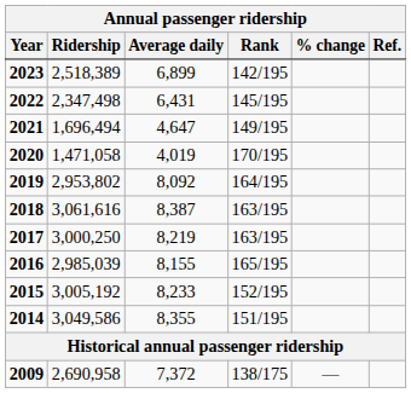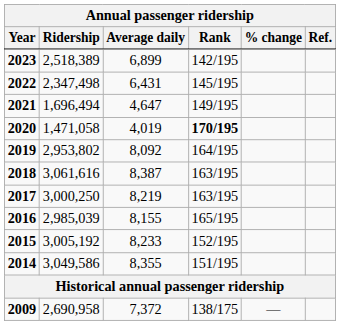 <table class="wikitable sortable" style="text-align:right;">
 <tr>
 <th colspan="6" style="background-color:#">Annual passenger ridership</th>
 </tr>
 <tr style="font-size:95%; text-align:center">
 <th style="border-bottom:1px solid black">Year</th>
 <th style="border-bottom:1px solid black">Ridership</th>
 <th style="border-bottom:1px solid black">Average daily</th>
 <th style="border-bottom:1px solid black">Rank</th>
 <th style="border-bottom:1px solid black">% change</th>
 <th style="border-bottom:1px solid black">Ref.</th>
 </tr>
 <tr style="text-align:center;">
 <td><strong>2023</strong></td>
 <td>2,518,389</td>
 <td>6,899</td>
 <td>142/195</td>
 <td></td>
 <td></td>
 </tr>
 <tr style="text-align:center;">
 <td><strong>2022</strong></td>
 <td>2,347,498</td>
 <td>6,431</td>
 <td>145/195</td>
 <td></td>
 <td></td>
 </tr>
 <tr style="text-align:center;">
 <td><strong>2021</strong></td>
 <td>1,696,494</td>
 <td>4,647</td>
 <td>149/195</td>
 <td></td>
 <td></td>
 </tr>
 <tr style="text-align:center;">
 <td><strong>2020</strong></td>
 <td>1,471,058</td>
 <td>4,019</td>
-<td>170/195</td>
+<td><strong>170/195</strong></td>
 <td></td>
 <td></td>
 </tr>
 <tr style="text-align:center;">
 <td><strong>2019</strong></td>
 <td>2,953,802</td>
 <td>8,092</td>
 <td>164/195</td>
 <td></td>
 <td></td>
 </tr>
 <tr style="text-align:center;">
 <td><strong>2018</strong></td>
 <td>3,061,616</td>
 <td>8,387</td>
 <td>163/195</td>
 <td></td>
 <td></td>
 </tr>
 <tr style="text-align:center;">
 <td><strong>2017</strong></td>
 <td>3,000,250</td>
 <td>8,219</td>
 <td>163/195</td>
 <td></td>
 <td></td>
 </tr>
 <tr style="text-align:center;">
 <td><strong>2016</strong></td>
 <td>2,985,039</td>
 <td>8,155</td>
 <td>165/195</td>
 <td></td>
 <td></td>
 </tr>
 <tr style="text-align:center;">
 <td><strong>2015</strong></td>
 <td>3,005,192</td>
 <td>8,233</td>
 <td>152/195</td>
 <td></td>
 <td></td>
 </tr>
 <tr style="text-align:center;">
 <td><strong>2014</strong></td>
 <td>3,049,586</td>
 <td>8,355</td>
 <td>151/195</td>
 <td></td>
 <td></td>
 </tr>
 <tr>
 <th colspan="6" style="background-color:#">Historical annual passenger ridership</th>
 </tr>
 <tr style="text-align:center;">
 <td><strong>2009</strong></td>
 <td>2,690,958</td>
 <td>7,372</td>
 <td>138/175</td>
 <td>—</td>
 <td></td>
 </tr>
 </table>
